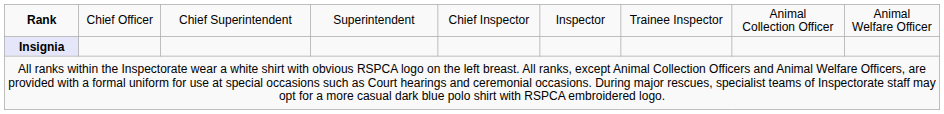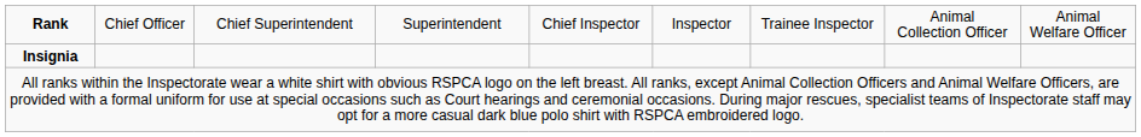 <table class="wikitable" style="text-align:center">
 <tr>
 <td><strong>Rank</strong></td>
 <td>Chief Officer</td>
 <td>Chief Superintendent</td>
 <td>Superintendent</td>
 <td>Chief Inspector</td>
 <td>Inspector</td>
 <td>Trainee Inspector</td>
 <td>Animal<br> Collection Officer</td>
 <td>Animal<br> Welfare Officer</td>
 </tr>
 <tr>
-<td style="background: lavender;"><strong>Insignia</strong></td>
+<td><strong>Insignia</strong></td>
 <td></td>
 <td></td>
 <td></td>
 <td></td>
 <td></td>
 <td></td>
 <td></td>
 <td></td>
 </tr>
 <tr>
 <td colspan="10" style="text-align:center; padding: 0.5em 0.2em;">All ranks within the Inspectorate wear a white shirt with obvious RSPCA logo on the left breast. All ranks, except Animal Collection Officers and Animal Welfare Officers, are provided with a formal uniform for use at special occasions such as Court hearings and ceremonial occasions. During major rescues, specialist teams of Inspectorate staff may opt for a more casual dark blue polo shirt with RSPCA embroidered logo.</td>
 </tr>
 </table>
